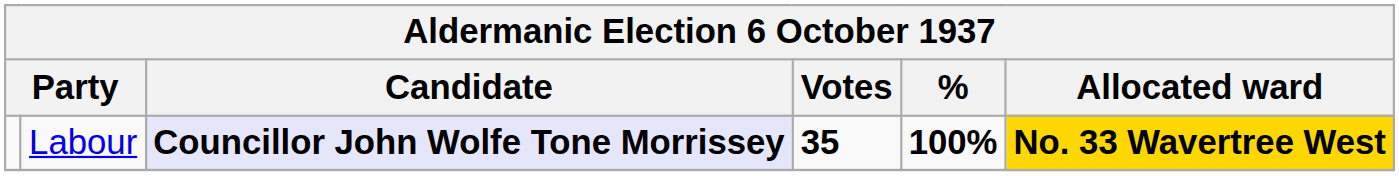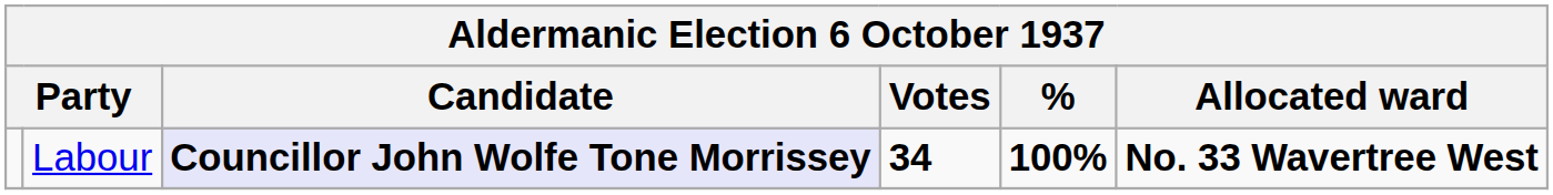 <table class="wikitable">
 <tr>
 <th colspan="6"><strong>Aldermanic Election 6 October 1937</strong></th>
 </tr>
 <tr>
 <th colspan="2">Party</th>
 <th>Candidate</th>
 <th>Votes</th>
 <th>%</th>
 <th>Allocated ward</th>
 </tr>
 <tr>
 <td style="background-color:"></td>
 <td><a href='#'>Labour</a></td>
 <td style="background: lavender;"><strong>Councillor John Wolfe Tone Morrissey</strong></td>
-<td><strong>35</strong></td>
+<td><strong>34</strong></td>
 <td><strong>100%</strong></td>
-<td style="background: gold;"><strong>No. 33 Wavertree West</strong></td>
+<td><strong>No. 33 Wavertree West</strong></td>
 </tr>
 <tr>
 </tr>
 </table>
